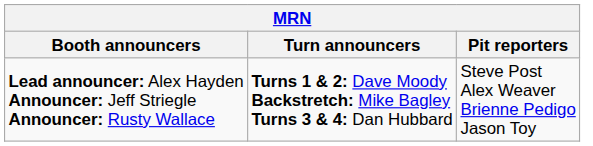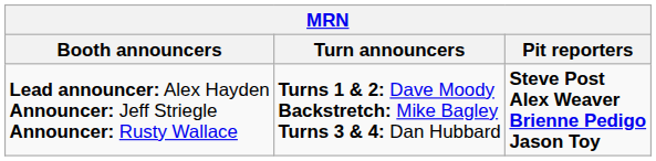 <table class="wikitable" style="font-size: 95%;">
 <tr>
 <th colspan="3"><a href='#'>MRN</a></th>
 </tr>
 <tr>
 <th>Booth announcers</th>
 <th>Turn announcers</th>
 <th>Pit reporters</th>
 </tr>
 <tr>
 <td><strong>Lead announcer:</strong> Alex Hayden<br><strong>Announcer:</strong> Jeff Striegle<br><strong>Announcer:</strong> <a href='#'>Rusty Wallace</a></td>
 <td><strong>Turns 1 & 2:</strong> <a href='#'>Dave Moody</a><br><strong>Backstretch:</strong> <a href='#'>Mike Bagley</a><br><strong>Turns 3 & 4:</strong> Dan Hubbard</td>
-<td>Steve Post<br>Alex Weaver<br><a href='#'>Brienne Pedigo</a><br>Jason Toy</td>
+<td><strong>Steve Post<br>Alex Weaver<br><a href='#'>Brienne Pedigo</a><br>Jason Toy</strong></td>
 </tr>
 </table>
